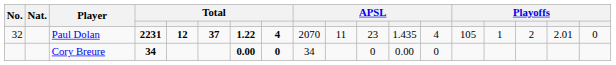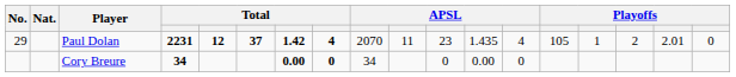 <table class="wikitable" style="text-align:center">
 <tr>
 <th rowspan="2" style="width:15px;">No.</th>
 <th rowspan="2" style="width:15px;">Nat.</th>
 <th rowspan="2" style="width:120px;">Player</th>
 <th colspan="5" style="width:160px;">Total</th>
 <th colspan="5" style="width:160px;"><a href='#'>APSL</a></th>
 <th colspan="5" style="width:160px;"><a href='#'>Playoffs</a></th>
 </tr>
 <tr>
 <th style="width: 40px;"></th>
 <th style="width: 40px;"></th>
 <th style="width: 40px;"></th>
 <th style="width: 40px;"></th>
 <th style="width: 40px;"></th>
 <th style="width: 40px;"></th>
 <th style="width: 40px;"></th>
 <th style="width: 40px;"></th>
 <th style="width: 40px;"></th>
 <th style="width: 40px;"></th>
 <th style="width: 40px;"></th>
 <th style="width: 40px;"></th>
 <th style="width: 40px;"></th>
 <th style="width: 40px;"></th>
 <th style="width: 40px;"></th>
 </tr>
 <tr>
-<td style="text-align: right;">32</td>
+<td style="text-align: right;">29</td>
 <td></td>
 <td style="text-align: left;"><a href='#'>Paul Dolan</a></td>
 <td><strong>2231</strong></td>
 <td><strong>12 </strong></td>
 <td><strong>37</strong></td>
-<td><strong>1.22</strong></td>
+<td><strong>1.42</strong></td>
 <td><strong>4</strong></td>
 <td>2070</td>
 <td>11</td>
 <td>23</td>
 <td>1.435</td>
 <td>4</td>
 <td>105</td>
 <td>1</td>
 <td>2</td>
 <td>2.01</td>
 <td>0</td>
 </tr>
 <tr>
 <td style="text-align: right;"></td>
 <td></td>
 <td style="text-align: left;"><a href='#'>Cory Breure</a></td>
 <td><strong>34</strong></td>
 <td><strong> </strong></td>
 <td><strong> </strong></td>
 <td><strong>0.00</strong></td>
 <td><strong>0</strong></td>
 <td>34</td>
 <td></td>
 <td>0</td>
 <td>0.00</td>
 <td>0</td>
 <td></td>
 <td></td>
 <td></td>
 <td></td>
 <td></td>
 </tr>
 </table>
